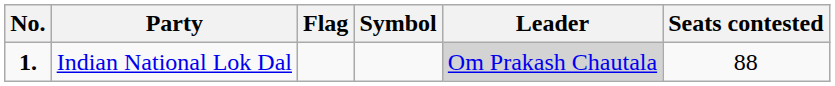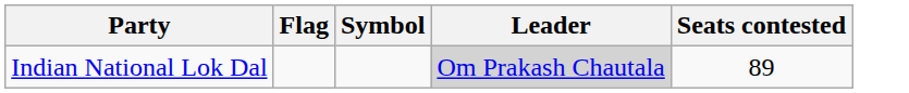 <table class="wikitable">
 <tr>
-<th>No.</th>
 <th>Party</th>
 <th>Flag</th>
 <th>Symbol</th>
 <th>Leader</th>
 <th>Seats contested</th>
 </tr>
 <tr>
-<td ! style="text-align:center; background:"><strong>1.</strong></td>
 <td style="text-align:center"><a href='#'>Indian National Lok Dal</a></td>
 <td></td>
 <td></td>
 <td style="background: lightgrey; text-align:center"><a href='#'>Om Prakash Chautala</a></td>
-<td style="text-align:center">88</td>
+<td style="text-align:center">89</td>
 </tr>
 </table>
